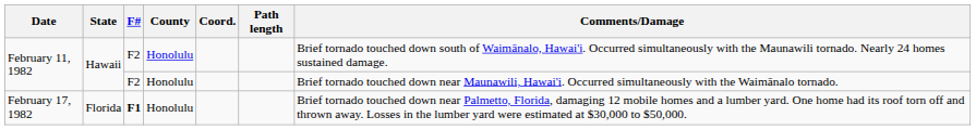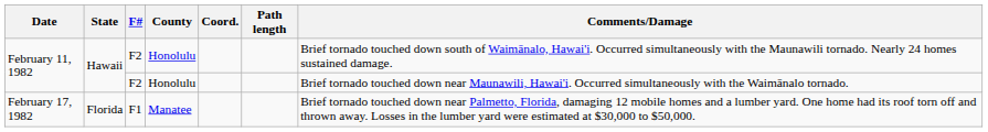 <table class="wikitable sortable">
 <tr>
 <th>Date</th>
 <th>State</th>
 <th><a href='#'>F#</a></th>
 <th>County</th>
 <th>Coord.</th>
 <th>Path length</th>
 <th>Comments/Damage</th>
 </tr>
 <tr>
 <td rowspan="2">February 11, 1982</td>
 <td rowspan="2">Hawaii</td>
 <td style="background: #">F2</td>
 <td><a href='#'>Honolulu</a></td>
 <td></td>
 <td></td>
 <td>Brief tornado touched down south of <a href='#'>Waimānalo, Hawai'i</a>. Occurred simultaneously with the Maunawili tornado. Nearly 24 homes sustained damage.</td>
 </tr>
 <tr>
 <td style="background: #">F2</td>
 <td>Honolulu</td>
 <td></td>
 <td></td>
 <td>Brief tornado touched down near <a href='#'>Maunawili, Hawai'i</a>. Occurred simultaneously with the Waimānalo tornado.</td>
 </tr>
 <tr>
 <td>February 17, 1982</td>
 <td>Florida</td>
-<td style="background: #"><strong>F1</strong></td>
-<td>Honolulu</td>
+<td style="background: #">F1</td>
+<td><a href='#'>Manatee</a></td>
 <td></td>
 <td></td>
 <td>Brief tornado touched down near <a href='#'>Palmetto, Florida</a>, damaging 12 mobile homes and a lumber yard. One home had its roof torn off and thrown  away. Losses in the lumber yard were estimated at $30,000 to $50,000.</td>
 </tr>
 </table>
